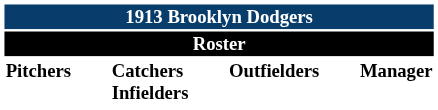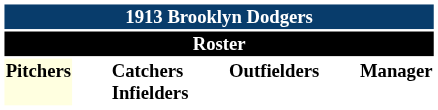 <table class="toccolours" style="font-size: 95%;">
 <tr>
 <th colspan="10" style="background-color: #083c6b; color: white; text-align: center;">1913 Brooklyn Dodgers</th>
 </tr>
 <tr>
 <td colspan="10" style="background-color: black; color: white; text-align: center;"><strong>Roster</strong></td>
 </tr>
 <tr>
-<td valign="top"><strong>Pitchers</strong><br>            </td>
+<td valign="top" style="background: lightyellow;"><strong>Pitchers</strong><br>            </td>
 <td width="25px"></td>
 <td valign="top"><strong>Catchers</strong><br>      <strong>Infielders</strong>      </td>
 <td width="25px"></td>
 <td valign="top"><strong>Outfielders</strong><br>       </td>
 <td width="25px"></td>
 <td valign="top"><strong>Manager</strong><br></td>
 </tr>
 </table>
